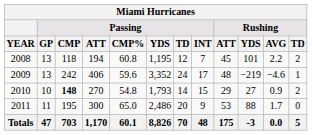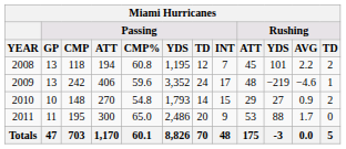 <table class=wikitable style="text-align:center">
 <tr>
 <th colspan="15">Miami Hurricanes</th>
 </tr>
 <tr>
 <th></th>
 <th colspan="7" style="background:#e7e3e7;">Passing</th>
 <th colspan="4" style="background:#e7e3e7;">Rushing</th>
 </tr>
 <tr>
 <th>YEAR</th>
 <th>GP</th>
 <th>CMP</th>
 <th>ATT</th>
 <th>CMP%</th>
 <th>YDS</th>
 <th>TD</th>
 <th>INT</th>
 <th>ATT</th>
 <th>YDS</th>
 <th>AVG</th>
 <th>TD</th>
 </tr>
 <tr>
 <td>2008</td>
 <td>13</td>
 <td>118</td>
 <td>194</td>
 <td>60.8</td>
 <td>1,195</td>
 <td>12</td>
 <td>7</td>
 <td>45</td>
 <td>101</td>
 <td>2.2</td>
 <td>2</td>
 </tr>
 <tr>
 <td>2009</td>
 <td>13</td>
 <td>242</td>
 <td>406</td>
 <td>59.6</td>
 <td>3,352</td>
 <td>24</td>
 <td>17</td>
 <td>48</td>
 <td>−219</td>
 <td>−4.6</td>
 <td>1</td>
 </tr>
 <tr>
 <td>2010</td>
 <td>10</td>
-<td><strong>148</strong></td>
+<td>148</td>
 <td>270</td>
 <td>54.8</td>
 <td>1,793</td>
 <td>14</td>
 <td>15</td>
 <td>29</td>
 <td>27</td>
 <td>0.9</td>
 <td>2</td>
 </tr>
 <tr>
 <td>2011</td>
 <td>11</td>
 <td>195</td>
 <td>300</td>
 <td>65.0</td>
 <td>2,486</td>
 <td>20</td>
 <td>9</td>
 <td>53</td>
 <td>88</td>
 <td>1.7</td>
 <td>0</td>
 </tr>
 <tr>
 <th>Totals</th>
 <th>47</th>
 <th>703</th>
 <th>1,170</th>
 <th>60.1</th>
 <th>8,826</th>
 <th>70</th>
 <th>48</th>
 <th>175</th>
 <th>-3</th>
 <th>0.0</th>
 <th>5</th>
 </tr>
 </table>
